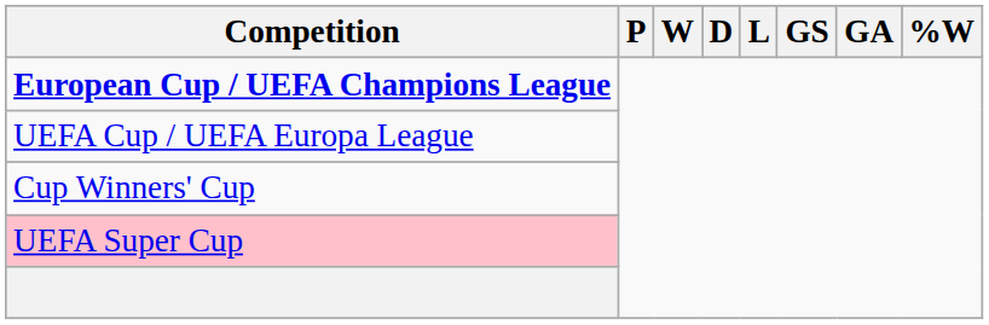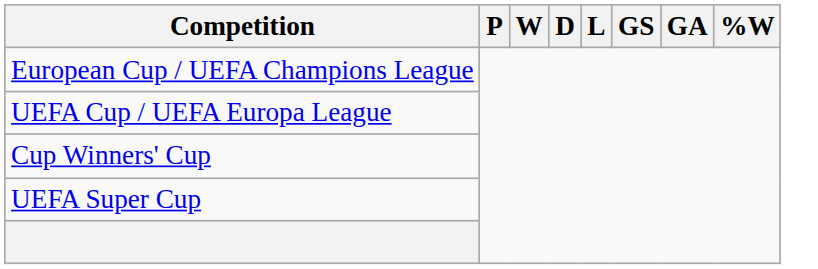 <table class="wikitable sortable" style="text-align: center">
 <tr>
 <th>Competition</th>
 <th abbr="TOTAL OF MATCHES PLAYED">P</th>
 <th abbr="MATCHES WON">W</th>
 <th abbr="MATCHES DRAWN">D</th>
 <th abbr="MATCHES LOST">L</th>
 <th abbr="GOALS SCORED">GS</th>
 <th abbr="GOAL AGAINST">GA</th>
 <th abbr="PERCENTAGE OF MATCHES WON">%W</th>
 </tr>
 <tr>
-<td align=left><strong><a href='#'>European Cup / UEFA Champions League</a><br></strong></td>
+<td align=left><a href='#'>European Cup / UEFA Champions League</a><br></td>
 </tr>
 <tr>
 <td align=left><a href='#'>UEFA Cup / UEFA Europa League</a><br></td>
 </tr>
 <tr>
 <td align=left><a href='#'>Cup Winners' Cup</a><br></td>
 </tr>
 <tr>
-<td align=left style="background: pink;"><a href='#'>UEFA Super Cup</a><br></td>
+<td align=left><a href='#'>UEFA Super Cup</a><br></td>
 </tr>
 <tr class="sortbottom">
 <th><br></th>
 </tr>
 </table>
